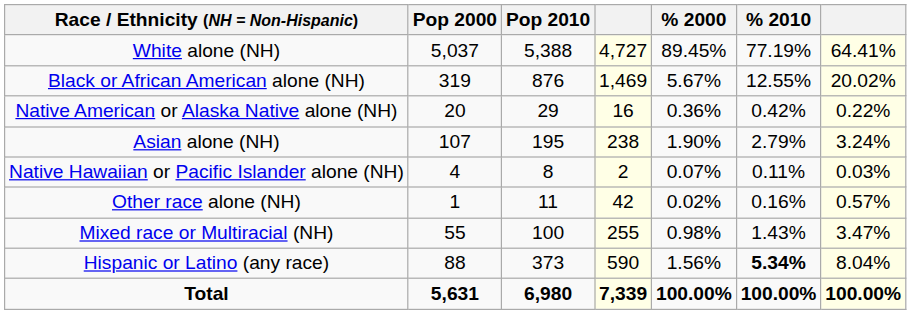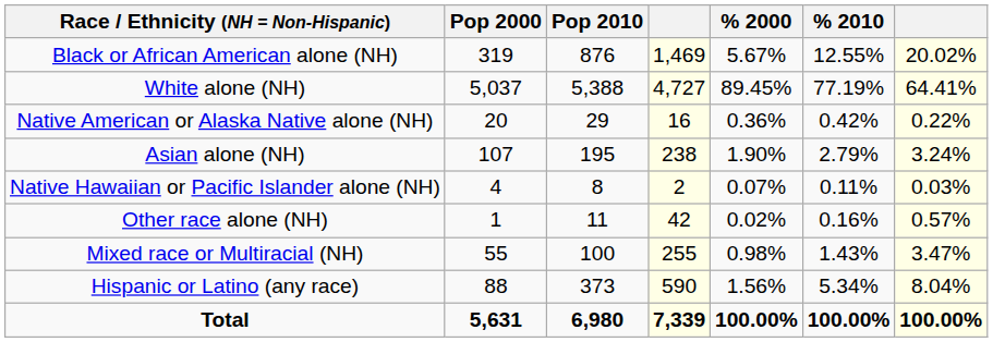 <table class="wikitable" style="text-align:center;">
 <tr>
 <th>Race / Ethnicity <small>(<em>NH = Non-Hispanic</em>)</small></th>
 <th>Pop 2000</th>
 <th>Pop 2010</th>
 <th></th>
 <th>% 2000</th>
 <th>% 2010</th>
 <th></th>
 </tr>
 <tr>
+<td><a href='#'>Black or African American</a> alone (NH)</td>
+<td>319</td>
+<td>876</td>
+<td style='background: #ffffe6;'>1,469</td>
+<td>5.67%</td>
+<td>12.55%</td>
+<td style='background: #ffffe6;'>20.02%</td>
+</tr>
+<tr>
 <td><a href='#'>White</a> alone (NH)</td>
 <td>5,037</td>
 <td>5,388</td>
 <td style='background: #ffffe6;'>4,727</td>
 <td>89.45%</td>
 <td>77.19%</td>
 <td style='background: #ffffe6;'>64.41%</td>
-</tr>
-<tr>
-<td><a href='#'>Black or African American</a> alone (NH)</td>
-<td>319</td>
-<td>876</td>
-<td style='background: #ffffe6;'>1,469</td>
-<td>5.67%</td>
-<td>12.55%</td>
-<td style='background: #ffffe6;'>20.02%</td>
 </tr>
 <tr>
 <td><a href='#'>Native American</a> or <a href='#'>Alaska Native</a> alone (NH)</td>
 <td>20</td>
 <td>29</td>
 <td style='background: #ffffe6;'>16</td>
 <td>0.36%</td>
 <td>0.42%</td>
 <td style='background: #ffffe6;'>0.22%</td>
 </tr>
 <tr>
 <td><a href='#'>Asian</a> alone (NH)</td>
 <td>107</td>
 <td>195</td>
 <td style='background: #ffffe6;'>238</td>
 <td>1.90%</td>
 <td>2.79%</td>
 <td style='background: #ffffe6;'>3.24%</td>
 </tr>
 <tr>
 <td><a href='#'>Native Hawaiian</a> or <a href='#'>Pacific Islander</a> alone (NH)</td>
 <td>4</td>
 <td>8</td>
 <td style='background: #ffffe6;'>2</td>
 <td>0.07%</td>
 <td>0.11%</td>
 <td style='background: #ffffe6;'>0.03%</td>
 </tr>
 <tr>
 <td><a href='#'>Other race</a> alone (NH)</td>
 <td>1</td>
 <td>11</td>
 <td style='background: #ffffe6;'>42</td>
 <td>0.02%</td>
 <td>0.16%</td>
 <td style='background: #ffffe6;'>0.57%</td>
 </tr>
 <tr>
 <td><a href='#'>Mixed race or Multiracial</a> (NH)</td>
 <td>55</td>
 <td>100</td>
 <td style='background: #ffffe6;'>255</td>
 <td>0.98%</td>
 <td>1.43%</td>
 <td style='background: #ffffe6;'>3.47%</td>
 </tr>
 <tr>
 <td><a href='#'>Hispanic or Latino</a> (any race)</td>
 <td>88</td>
 <td>373</td>
 <td style='background: #ffffe6;'>590</td>
 <td>1.56%</td>
-<td><strong>5.34%</strong></td>
+<td>5.34%</td>
 <td style='background: #ffffe6;'>8.04%</td>
 </tr>
 <tr>
 <td><strong>Total</strong></td>
 <td><strong>5,631</strong></td>
 <td><strong>6,980</strong></td>
 <td style='background: #ffffe6;'><strong>7,339</strong></td>
 <td><strong>100.00%</strong></td>
 <td><strong>100.00%</strong></td>
 <td style='background: #ffffe6;'><strong>100.00%</strong></td>
 </tr>
 </table>
